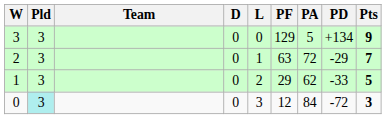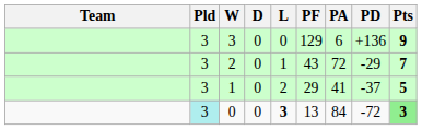 <table class="wikitable" style="text-align:center;">
 <tr>
+<th width="190">Team</th>
+<th width="20" abbr="Played">Pld</th>
 <th width="20" abbr="Won">W</th>
-<th width="20" abbr="Played">Pld</th>
-<th width="190">Team</th>
 <th width="20" abbr="Drawn">D</th>
 <th width="20" abbr="Lost">L</th>
 <th width="20" abbr="Points for">PF</th>
 <th width="20" abbr="Points against">PA</th>
 <th width="25" abbr="Points difference">PD</th>
 <th width="20" abbr="Points">Pts</th>
 </tr>
 <tr style="background:#ccffcc">
+<td align="left"></td>
 <td>3</td>
 <td>3</td>
-<td align="left"></td>
 <td>0</td>
 <td>0</td>
 <td>129</td>
-<td>5</td>
-<td>+134</td>
+<td>6</td>
+<td>+136</td>
 <td><strong>9</strong></td>
 </tr>
 <tr style="background:#ccffcc">
+<td align="left"></td>
+<td>3</td>
 <td>2</td>
-<td>3</td>
-<td align="left"></td>
 <td>0</td>
 <td>1</td>
-<td>63</td>
+<td>43</td>
 <td>72</td>
 <td>-29</td>
 <td><strong>7</strong></td>
 </tr>
 <tr style="background:#ccffcc">
+<td align="left"></td>
+<td>3</td>
 <td>1</td>
-<td>3</td>
-<td align="left"></td>
 <td>0</td>
 <td>2</td>
 <td>29</td>
-<td>62</td>
-<td>-33</td>
+<td>41</td>
+<td>-37</td>
 <td><strong>5</strong></td>
 </tr>
 <tr>
+<td align="left"></td>
+<td style="background: paleturquoise;">3</td>
 <td>0</td>
-<td style="background: paleturquoise;">3</td>
-<td align="left"></td>
 <td>0</td>
-<td>3</td>
-<td>12</td>
+<td><strong>3</strong></td>
+<td>13</td>
 <td>84</td>
 <td>-72</td>
-<td><strong>3</strong></td>
+<td style="background: lightgreen;"><strong>3</strong></td>
 </tr>
 </table>
